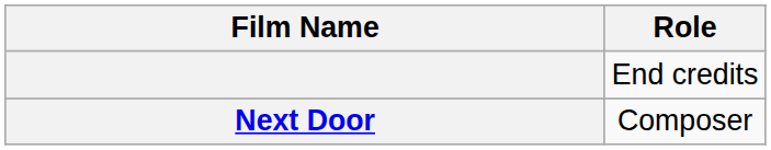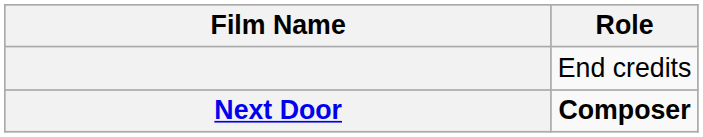 <table class="wikitable plainrowheaders" style="text-align:center;">
 <tr>
 <th scope="col" style="width:20em;">Film Name</th>
 <th scope="col">Role</th>
 </tr>
 <tr>
 <th scope="row"><br></th>
 <td>End credits</td>
 </tr>
 <tr>
 <th scope="row"><a href='#'>Next Door</a></th>
-<td>Composer</td>
+<td><strong>Composer</strong></td>
 </tr>
 </table>
